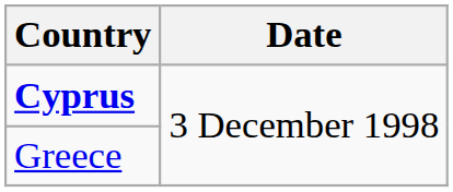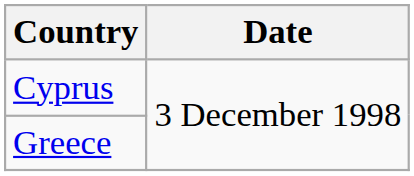 <table class="wikitable">
 <tr>
 <th>Country</th>
 <th>Date</th>
 </tr>
 <tr>
-<td><strong><a href='#'>Cyprus</a></strong></td>
+<td><a href='#'>Cyprus</a></td>
 <td rowspan="2">3 December 1998</td>
 </tr>
 <tr>
 <td><a href='#'>Greece</a></td>
 </tr>
 </table>
